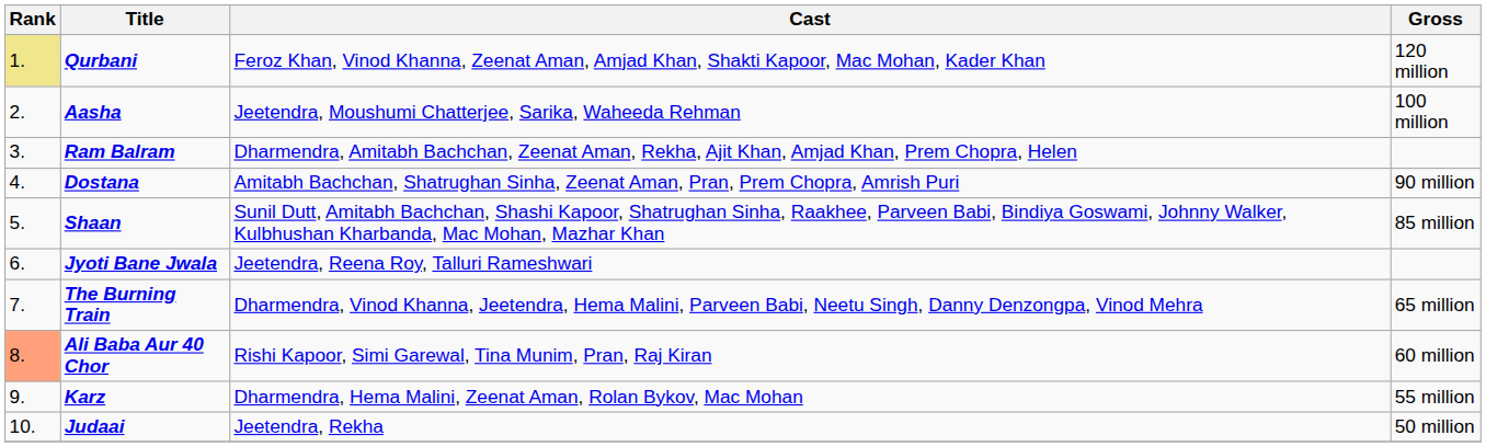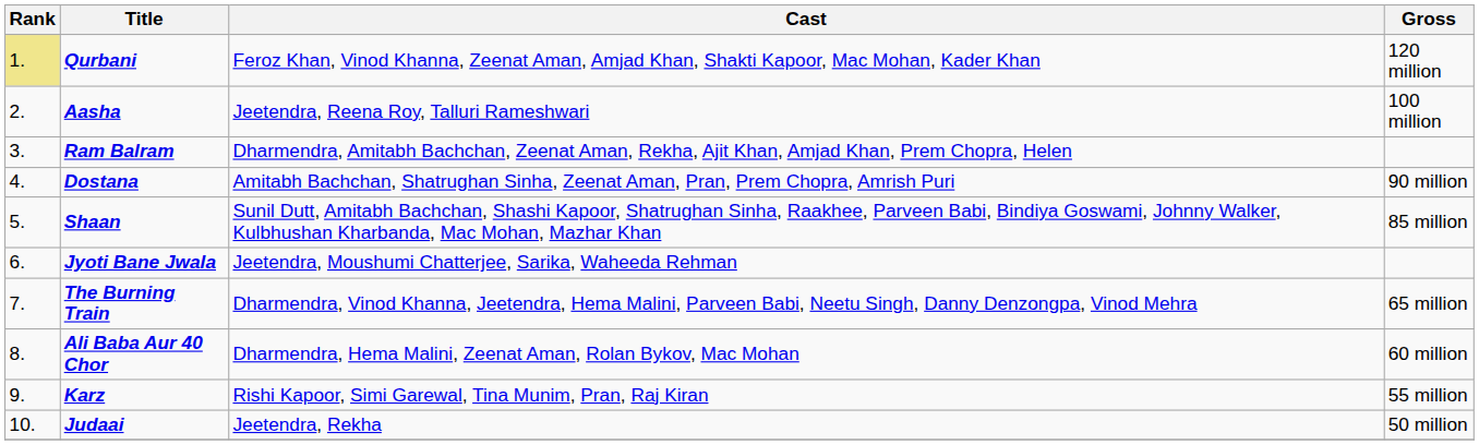 <table class="wikitable">
 <tr>
 <th>Rank</th>
 <th>Title</th>
 <th>Cast</th>
 <th>Gross</th>
 </tr>
 <tr>
 <td style="background: khaki;">1.</td>
 <td><strong><em><a href='#'>Qurbani</a></em></strong></td>
 <td><a href='#'>Feroz Khan</a>, <a href='#'>Vinod Khanna</a>, <a href='#'>Zeenat Aman</a>, <a href='#'>Amjad Khan</a>, <a href='#'>Shakti Kapoor</a>, <a href='#'>Mac Mohan</a>, <a href='#'>Kader Khan</a></td>
 <td>120 million</td>
 </tr>
 <tr>
 <td>2.</td>
 <td><strong><em><a href='#'>Aasha</a></em></strong></td>
-<td><a href='#'>Jeetendra</a>, <a href='#'>Moushumi Chatterjee</a>, <a href='#'>Sarika</a>, <a href='#'>Waheeda Rehman</a></td>
+<td><a href='#'>Jeetendra</a>, <a href='#'>Reena Roy</a>, <a href='#'>Talluri Rameshwari</a></td>
 <td>100 million</td>
 </tr>
 <tr>
 <td>3.</td>
 <td><strong><em><a href='#'>Ram Balram</a></em></strong></td>
 <td><a href='#'>Dharmendra</a>, <a href='#'>Amitabh Bachchan</a>, <a href='#'>Zeenat Aman</a>, <a href='#'>Rekha</a>, <a href='#'>Ajit Khan</a>, <a href='#'>Amjad Khan</a>, <a href='#'>Prem Chopra</a>, <a href='#'>Helen</a></td>
 <td></td>
 </tr>
 <tr>
 <td>4.</td>
 <td><strong><em><a href='#'>Dostana</a></em></strong></td>
 <td><a href='#'>Amitabh Bachchan</a>, <a href='#'>Shatrughan Sinha</a>, <a href='#'>Zeenat Aman</a>, <a href='#'>Pran</a>, <a href='#'>Prem Chopra</a>, <a href='#'>Amrish Puri</a></td>
 <td>90 million</td>
 </tr>
 <tr>
 <td>5.</td>
 <td><strong><em><a href='#'>Shaan</a></em></strong></td>
 <td><a href='#'>Sunil Dutt</a>, <a href='#'>Amitabh Bachchan</a>, <a href='#'>Shashi Kapoor</a>, <a href='#'>Shatrughan Sinha</a>, <a href='#'>Raakhee</a>, <a href='#'>Parveen Babi</a>, <a href='#'>Bindiya Goswami</a>, <a href='#'>Johnny Walker</a>, <a href='#'>Kulbhushan Kharbanda</a>, <a href='#'>Mac Mohan</a>, <a href='#'>Mazhar Khan</a></td>
 <td>85 million</td>
 </tr>
 <tr>
 <td>6.</td>
 <td><strong><em><a href='#'>Jyoti Bane Jwala</a></em></strong></td>
-<td><a href='#'>Jeetendra</a>, <a href='#'>Reena Roy</a>, <a href='#'>Talluri Rameshwari</a></td>
+<td><a href='#'>Jeetendra</a>, <a href='#'>Moushumi Chatterjee</a>, <a href='#'>Sarika</a>, <a href='#'>Waheeda Rehman</a></td>
 <td></td>
 </tr>
 <tr>
 <td>7.</td>
 <td><strong><em><a href='#'>The Burning Train</a></em></strong></td>
 <td><a href='#'>Dharmendra</a>, <a href='#'>Vinod Khanna</a>, <a href='#'>Jeetendra</a>, <a href='#'>Hema Malini</a>, <a href='#'>Parveen Babi</a>, <a href='#'>Neetu Singh</a>, <a href='#'>Danny Denzongpa</a>, <a href='#'>Vinod Mehra</a></td>
 <td>65 million</td>
 </tr>
 <tr>
-<td style="background: lightsalmon;">8.</td>
+<td>8.</td>
 <td><strong><em><a href='#'>Ali Baba Aur 40 Chor</a></em></strong></td>
-<td><a href='#'>Rishi Kapoor</a>, <a href='#'>Simi Garewal</a>, <a href='#'>Tina Munim</a>, <a href='#'>Pran</a>, <a href='#'>Raj Kiran</a></td>
+<td><a href='#'>Dharmendra</a>, <a href='#'>Hema Malini</a>, <a href='#'>Zeenat Aman</a>, <a href='#'>Rolan Bykov</a>, <a href='#'>Mac Mohan</a></td>
 <td>60 million</td>
 </tr>
 <tr>
 <td>9.</td>
 <td><strong><em><a href='#'>Karz</a></em></strong></td>
-<td><a href='#'>Dharmendra</a>, <a href='#'>Hema Malini</a>, <a href='#'>Zeenat Aman</a>, <a href='#'>Rolan Bykov</a>, <a href='#'>Mac Mohan</a></td>
+<td><a href='#'>Rishi Kapoor</a>, <a href='#'>Simi Garewal</a>, <a href='#'>Tina Munim</a>, <a href='#'>Pran</a>, <a href='#'>Raj Kiran</a></td>
 <td>55 million</td>
 </tr>
 <tr>
 <td>10.</td>
 <td><strong><em><a href='#'>Judaai</a></em></strong></td>
 <td><a href='#'>Jeetendra</a>, <a href='#'>Rekha</a></td>
 <td>50 million</td>
 </tr>
 <tr>
 </tr>
 </table>
